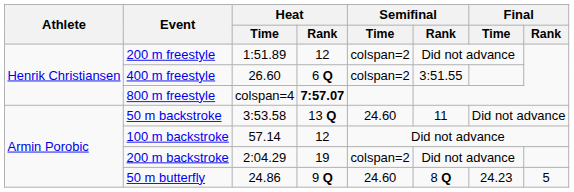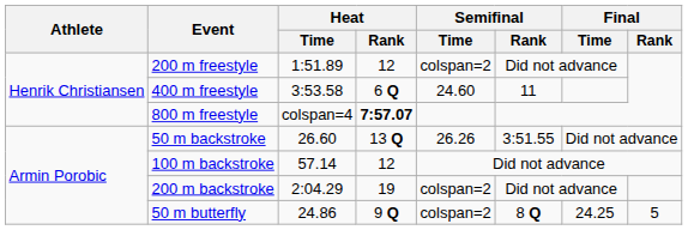 <table class=wikitable style="font-size:90%">
 <tr>
 <th rowspan=2>Athlete</th>
 <th rowspan=2>Event</th>
 <th colspan="2">Heat</th>
 <th colspan="2">Semifinal</th>
 <th colspan="2">Final</th>
 </tr>
 <tr style="font-size:95%">
 <th>Time</th>
 <th>Rank</th>
 <th>Time</th>
 <th>Rank</th>
 <th>Time</th>
 <th>Rank</th>
 </tr>
 <tr align=center>
 <td align=left rowspan=3><a href='#'>Henrik Christiansen</a></td>
 <td align=left><a href='#'>200 m freestyle</a></td>
 <td>1:51.89</td>
 <td>12</td>
 <td>colspan=2 </td>
 <td colspan=2>Did not advance</td>
 </tr>
 <tr align=center>
 <td align=left><a href='#'>400 m freestyle</a></td>
-<td>26.60</td>
+<td>3:53.58</td>
 <td>6 <strong>Q</strong></td>
-<td>colspan=2 </td>
-<td>3:51.55</td>
+<td>24.60</td>
+<td>11</td>
 <td></td>
 </tr>
 <tr align=center>
 <td align=left><a href='#'>800 m freestyle</a></td>
 <td>colspan=4 </td>
 <td><strong>7:57.07</strong></td>
 <td></td>
 </tr>
 <tr align=center>
 <td align=left rowspan=4><a href='#'>Armin Porobic</a></td>
 <td align=left><a href='#'>50 m backstroke</a></td>
-<td>3:53.58</td>
+<td>26.60</td>
 <td>13 <strong>Q</strong></td>
-<td>24.60</td>
-<td>11</td>
+<td>26.26</td>
+<td>3:51.55</td>
 <td colspan=2>Did not advance</td>
 </tr>
 <tr align=center>
 <td align=left><a href='#'>100 m backstroke</a></td>
 <td>57.14</td>
 <td>12</td>
 <td colspan=4>Did not advance</td>
 </tr>
 <tr align=center>
 <td align=left><a href='#'>200 m backstroke</a></td>
 <td>2:04.29</td>
 <td>19</td>
 <td>colspan=2 </td>
 <td colspan=2>Did not advance</td>
 </tr>
 <tr align=center>
 <td align=left><a href='#'>50 m butterfly</a></td>
 <td>24.86</td>
 <td>9 <strong>Q</strong></td>
-<td>24.60</td>
+<td>colspan=2 </td>
 <td>8 <strong>Q	</strong></td>
-<td>24.23</td>
+<td>24.25</td>
 <td>5</td>
 </tr>
 </table>
